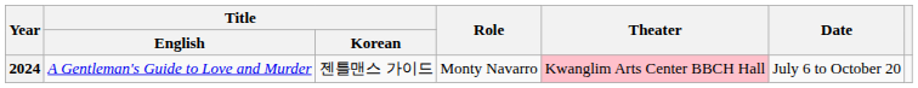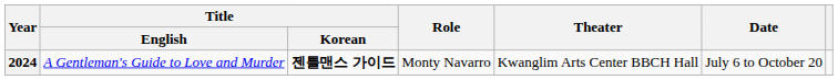 <table class="wikitable sortable plainrowheaders">
 <tr>
 <th rowspan="2" scope="col">Year</th>
 <th colspan="2" scope="col">Title</th>
 <th rowspan="2" scope="col">Role</th>
 <th rowspan="2" scope="col">Theater</th>
 <th rowspan="2" scope="col" class="sortable">Date</th>
 <th rowspan="2" scope="col" class="unsortable"></th>
 </tr>
 <tr>
 <th>English</th>
 <th>Korean</th>
 </tr>
 <tr>
 <th scope="row">2024</th>
 <td><em><a href='#'>A Gentleman's Guide to Love and Murder</a></em></td>
-<td>젠틀맨스 가이드</td>
+<td><strong>젠틀맨스 가이드</strong></td>
 <td>Monty Navarro</td>
-<td style="background: pink;">Kwanglim Arts Center BBCH Hall</td>
+<td>Kwanglim Arts Center BBCH Hall</td>
 <td>July 6 to October 20</td>
 <td><br></td>
 </tr>
 </table>
